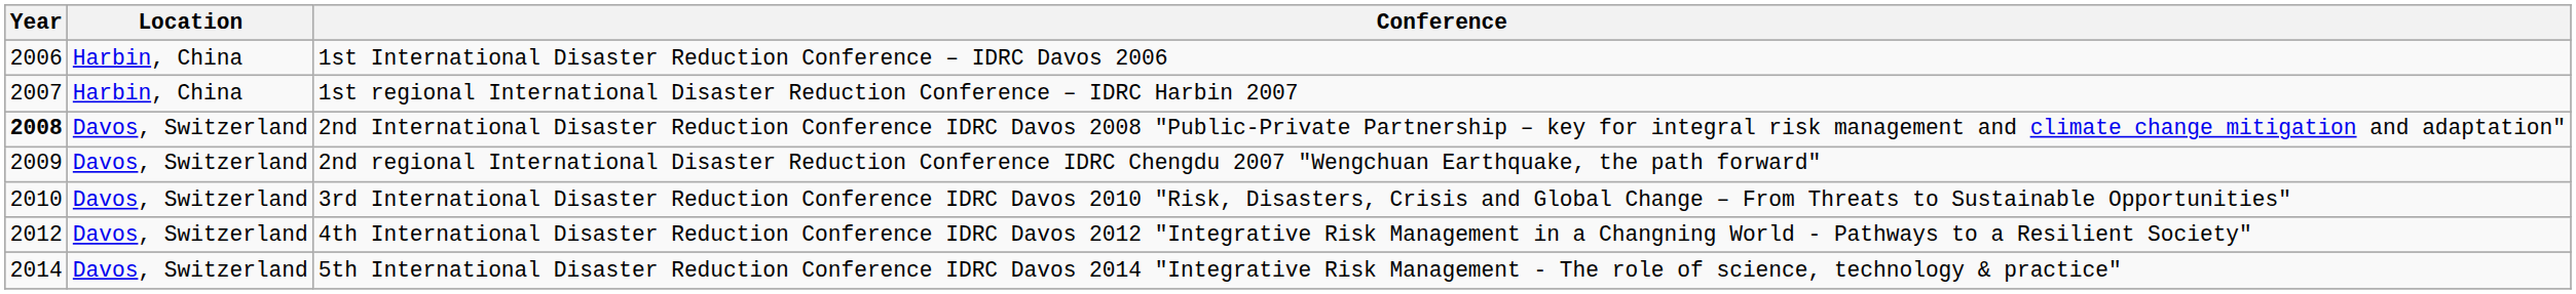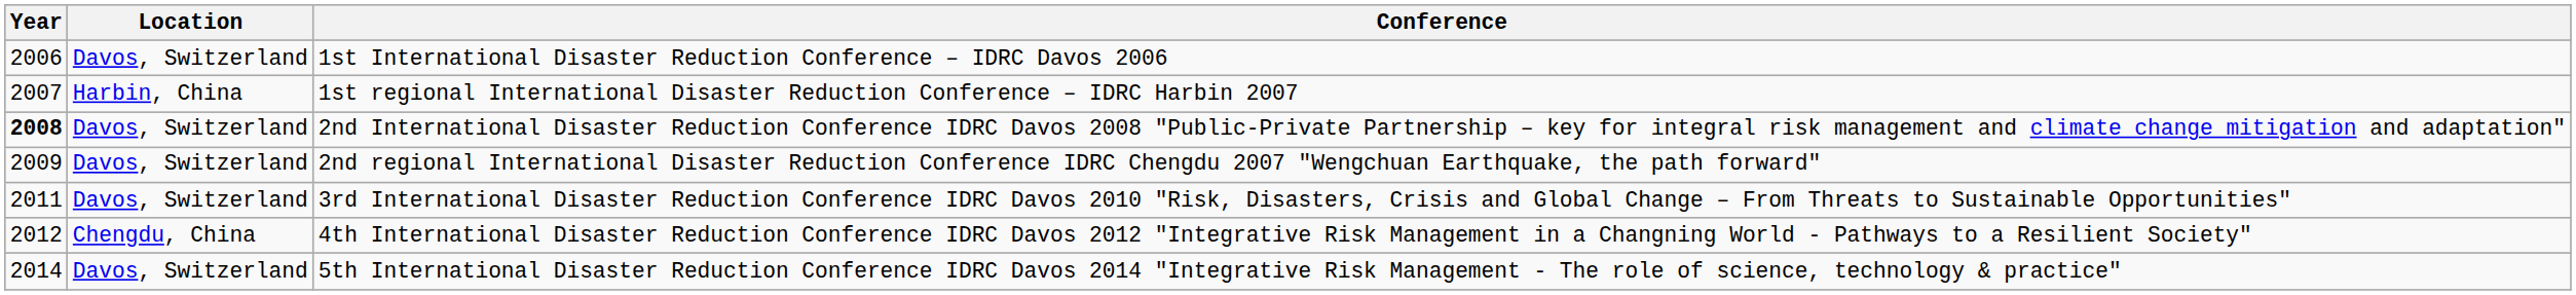 <table class="wikitable" border="1">
 <tr>
 <th>Year</th>
 <th>Location</th>
 <th>Conference</th>
 </tr>
 <tr>
 <td>2006</td>
-<td><a href='#'>Harbin</a>, China</td>
+<td><a href='#'>Davos</a>, Switzerland</td>
 <td>1st International Disaster Reduction Conference – IDRC Davos 2006</td>
 </tr>
 <tr>
 <td>2007</td>
 <td><a href='#'>Harbin</a>, China</td>
 <td>1st regional International Disaster Reduction Conference – IDRC Harbin 2007</td>
 </tr>
 <tr>
 <td><strong>2008</strong></td>
 <td><a href='#'>Davos</a>, Switzerland</td>
 <td>2nd International Disaster Reduction Conference IDRC Davos 2008 "Public-Private Partnership – key for integral risk management and <a href='#'>climate change mitigation</a> and adaptation"</td>
 </tr>
 <tr>
 <td>2009</td>
 <td><a href='#'>Davos</a>, Switzerland</td>
 <td>2nd regional International Disaster Reduction Conference IDRC Chengdu 2007 "Wengchuan Earthquake, the path forward"</td>
 </tr>
 <tr>
-<td>2010</td>
+<td>2011</td>
 <td><a href='#'>Davos</a>, Switzerland</td>
 <td>3rd International Disaster Reduction Conference IDRC Davos 2010 "Risk, Disasters, Crisis and Global Change – From Threats to Sustainable Opportunities"</td>
 </tr>
 <tr>
 <td>2012</td>
-<td><a href='#'>Davos</a>, Switzerland</td>
+<td><a href='#'>Chengdu</a>, China</td>
 <td>4th International Disaster Reduction Conference IDRC Davos 2012 "Integrative Risk Management in a Changning World - Pathways to a Resilient Society"</td>
 </tr>
 <tr>
 <td>2014</td>
 <td><a href='#'>Davos</a>, Switzerland</td>
 <td>5th International Disaster Reduction Conference IDRC Davos 2014 "Integrative Risk Management - The role of science, technology & practice"</td>
 </tr>
 </table>
